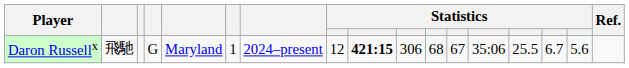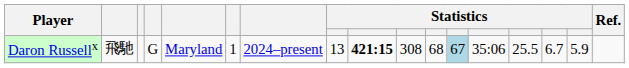 <table class="wikitable sortable" style="font-size:95%; text-align:right;">
 <tr>
 <th rowspan="2">Player</th>
 <th rowspan="2"></th>
 <th rowspan="2"></th>
 <th rowspan="2"></th>
 <th rowspan="2"></th>
 <th rowspan="2"></th>
 <th rowspan="2"></th>
 <th colspan="9">Statistics</th>
 <th rowspan="2">Ref.</th>
 </tr>
 <tr>
 <th></th>
 <th></th>
 <th></th>
 <th></th>
 <th></th>
 <th></th>
 <th></th>
 <th></th>
 <th></th>
 </tr>
 <tr>
 <td align="left" bgcolor="#CCFFCC"><a href='#'>Daron Russell</a><sup>x</sup></td>
 <td align="left">飛馳</td>
 <td align="center"></td>
 <td align="center">G</td>
 <td align="left"><a href='#'>Maryland</a></td>
 <td align="center">1</td>
 <td align="center"><a href='#'>2024–present</a></td>
-<td>12</td>
+<td>13</td>
 <td><strong>421:15</strong></td>
-<td>306</td>
+<td>308</td>
 <td>68</td>
-<td>67</td>
+<td style="background: lightblue;">67</td>
 <td>35:06</td>
 <td>25.5</td>
 <td>6.7</td>
-<td>5.6</td>
+<td>5.9</td>
 <td align="center"></td>
 </tr>
 </table>
